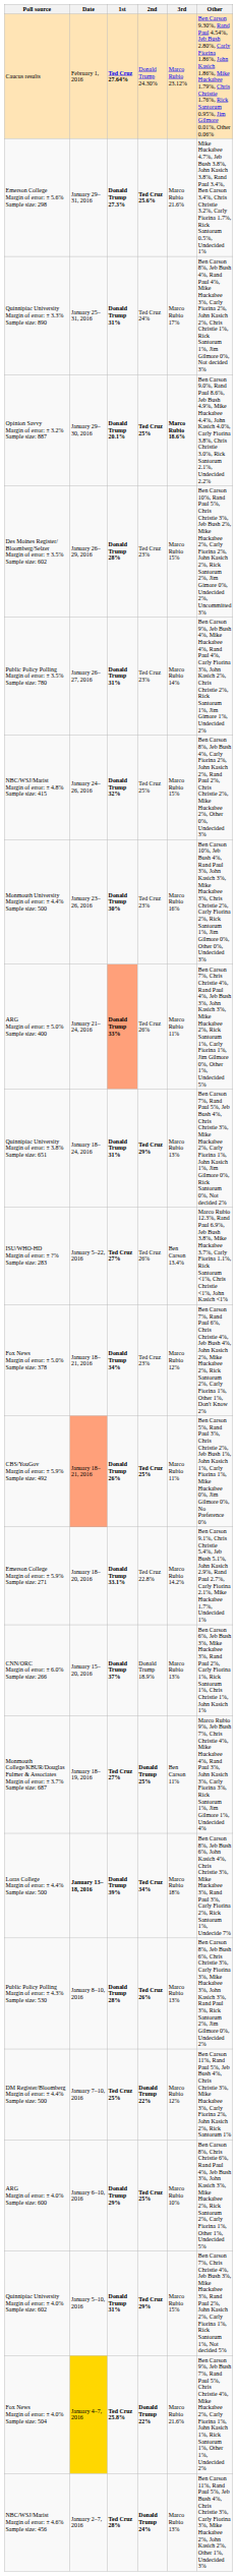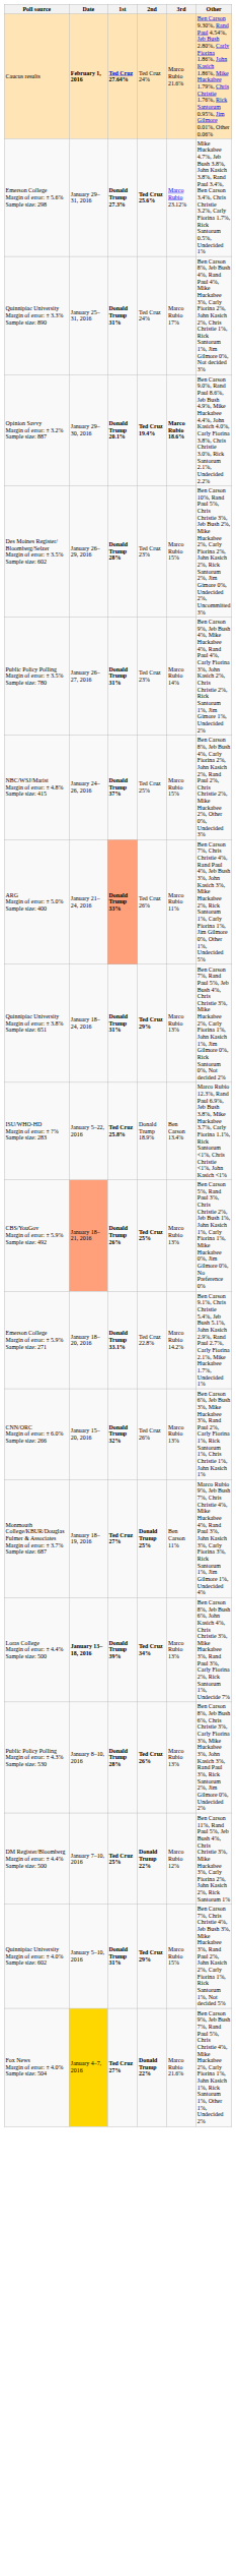 <table class="wikitable">
 <tr>
 <th style="width:180px;">Poll source</th>
 <th style="width:135px;">Date</th>
 <th style="width:100px;">1st</th>
 <th style="width:100px;">2nd</th>
 <th style="width:100px;">3rd</th>
 <th>Other</th>
 </tr>
 <tr style="background:Moccasin;">
 <td>Caucus results</td>
-<td>February 1, 2016</td>
+<td><strong>February 1, 2016</strong></td>
 <td><strong><a href='#'>Ted Cruz</a><br>27.64%</strong></td>
-<td><a href='#'>Donald Trump</a><br>24.30%</td>
-<td><a href='#'>Marco Rubio</a><br>23.12%</td>
+<td>Ted Cruz<br>24%</td>
+<td>Marco Rubio<br>21.6%</td>
 <td><a href='#'>Ben Carson</a> 9.30%, <a href='#'>Rand Paul</a> 4.54%, <a href='#'>Jeb Bush</a> 2.80%, <a href='#'>Carly Fiorina</a> 1.86%, <a href='#'>John Kasich</a> 1.86%, <a href='#'>Mike Huckabee</a> 1.79%, <a href='#'>Chris Christie</a> 1.76%, <a href='#'>Rick Santorum</a> 0.95%, <a href='#'>Jim Gilmore</a> 0.01%, Other 0.06%</td>
 </tr>
 <tr>
 <td>Emerson College<br>Margin of error: ± 5.6% <br>Sample size: 298</td>
 <td>January 29–31, 2016</td>
 <td><strong>Donald Trump<br>27.3%</strong></td>
 <td><strong>Ted Cruz<br>25.6%</strong></td>
-<td>Marco Rubio<br>21.6%</td>
+<td><a href='#'>Marco Rubio</a><br>23.12%</td>
 <td>Mike Huckabee 4.7%, Jeb Bush 3.8%, John Kasich 3.8%, Rand Paul 3.4%, Ben Carson 3.4%, Chris Christie 3.2%, Carly Fiorina 1.7%, Rick Santorum 0.5%, Undecided 1%</td>
 </tr>
 <tr>
 <td>Quinnipiac University<br>Margin of error: ± 3.3% Sample size: 890</td>
 <td>January 25–31, 2016</td>
 <td><strong>Donald Trump<br>31%</strong></td>
 <td>Ted Cruz<br>24%</td>
 <td>Marco Rubio<br>17%</td>
 <td>Ben Carson 8%, Jeb Bush 4%, Rand Paul 4%, Mike Huckabee 3%, Carly Fiorina 2%, John Kasich 2%, Chris Christie 1%, Rick Santorum 1%, Jim Gilmore 0%, Not decided 3%</td>
 </tr>
 <tr>
 <td>Opinion Savvy<br>Margin of error: ± 3.2% <br>Sample size: 887</td>
 <td>January 29–30, 2016</td>
 <td><strong>Donald Trump<br>20.1%</strong></td>
-<td><strong>Ted Cruz<br>25%</strong></td>
+<td><strong>Ted Cruz<br>19.4%</strong></td>
 <td><strong>Marco Rubio<br>18.6%</strong></td>
 <td>Ben Carson 9.0%, Rand Paul 8.6%, Jeb Bush 4.9%, Mike Huckabee 4.4%, John Kasich 4.0%, Carly Fiorina 3.8%, Chris Christie 3.0%, Rick Santorum 2.1%, Undecided 2.2%</td>
 </tr>
 <tr>
 <td>Des Moines Register/<br>Bloomberg/Selzer<br>Margin of error: ± 3.5% Sample size: 602</td>
 <td>January 26–29, 2016</td>
 <td><strong>Donald Trump<br>28%</strong></td>
 <td>Ted Cruz<br>23%</td>
 <td>Marco Rubio<br>15%</td>
 <td>Ben Carson 10%, Rand Paul 5%, Chris Christie 3%, Jeb Bush 2%, Mike Huckabee 2%,  Carly Fiorina 2%, John Kasich 2%, Rick Santorum 2%, Jim Gimore 0%, Undecided 2%, Uncommitted 3%</td>
 </tr>
 <tr>
 <td>Public Policy Polling<br>Margin of error: ± 3.5% Sample size: 780</td>
 <td>January 26–27, 2016</td>
 <td><strong>Donald Trump<br>31%</strong></td>
 <td>Ted Cruz<br>23%</td>
 <td>Marco Rubio<br>14%</td>
 <td>Ben Carson 9%, Jeb Bush 4%, Mike Huckabee 4%, Rand Paul 4%, Carly Fiorina 3%, John Kasich 2%, Chris Christie 2%, Rick Santorum 1%, Jim Gimore 1%, Undecided 2%</td>
 </tr>
 <tr>
 <td>NBC/WSJ/Marist<br>Margin of error: ± 4.8% Sample size: 415</td>
 <td>January 24–26, 2016</td>
-<td><strong>Donald Trump<br>32%</strong></td>
+<td><strong>Donald Trump<br>37%</strong></td>
 <td>Ted Cruz<br>25%</td>
 <td>Marco Rubio<br>15%</td>
 <td>Ben Carson 8%, Jeb Bush 4%, Carly Fiorina 2%, John Kasich 2%, Rand Paul 2%, Chris Christie 2%, Mike Huckabee 2%, Other 0%, Undecided 3%</td>
-</tr>
-<tr>
-<td>Monmouth University<br>Margin of error: ± 4.4% <br>Sample size: 500</td>
-<td>January 23–26, 2016</td>
-<td><strong>Donald Trump<br>30%</strong></td>
-<td>Ted Cruz<br>23%</td>
-<td>Marco Rubio<br>16%</td>
-<td>Ben Carson 10%, Jeb Bush 4%, Rand Paul 3%, John Kasich 3%, Mike Huckabee 3%, Chris Christie 2%, Carly Fiorina 2%, Rick Santorum 1%, Jim Gilmore 0%, Other 0%, Undecided 3%</td>
 </tr>
 <tr>
 <td>ARG<br>Margin of error: ± 5.0% <br>Sample size: 400</td>
 <td>January 21–24, 2016</td>
 <td style="background: lightsalmon;"><strong>Donald Trump<br>33%</strong></td>
 <td>Ted Cruz<br>26%</td>
 <td>Marco Rubio<br>11%</td>
 <td>Ben Carson 7%, Chris Christie 4%, Rand Paul 4%, Jeb Bush 3%, John Kasich 3%, Mike Huckabee 2%, Rick Santorum 1%, Carly Fiorina 1%, Jim Gilmore 0%, Other 1%, Undecided 5%</td>
 </tr>
 <tr>
 <td>Quinnipiac University<br>Margin of error: ± 3.8% Sample size: 651</td>
 <td>January 18–24, 2016</td>
 <td><strong>Donald Trump<br>31%</strong></td>
 <td><strong>Ted Cruz<br>29%</strong></td>
 <td>Marco Rubio<br>13%</td>
 <td>Ben Carson 7%, Rand Paul 5%, Jeb Bush 4%, Chris Christie 3%, Mike Huckabee 2%, Carly Fiorina 1%, John Kasich 1%, Jim Gilmore 0%, Rick Santorum 0%, Not decided 2%</td>
 </tr>
 <tr>
 <td>ISU/WHO-HD<br>Margin of error: ± ?% <br>Sample size: 283</td>
 <td>January 5–22, 2016</td>
-<td><strong>Ted Cruz<br>27%</strong></td>
-<td>Ted Cruz<br>26%</td>
+<td><strong>Ted Cruz<br>25.8%</strong></td>
+<td>Donald Trump<br>18.9%</td>
 <td>Ben Carson<br>13.4%</td>
 <td>Marco Rubio 12.3%, Rand Paul 6.9%, Jeb Bush 3.8%, Mike Huckabee 3.7%, Carly Fiorina 1.1%, Rick Santorum <1%, Chris Christie <1%, John Kasich <1%</td>
-</tr>
-<tr>
-<td>Fox News<br>Margin of error: ± 5.0% <br>Sample size: 378</td>
-<td>January 18–21, 2016</td>
-<td><strong>Donald Trump<br>34%</strong></td>
-<td>Ted Cruz<br>23%</td>
-<td>Marco Rubio<br>12%</td>
-<td>Ben Carson 7%, Rand Paul 6%, Chris Christie 4%, Jeb Bush 4%, John Kasich 2%, Mike Huckabee 2%, Rick Santorum 2%, Carly Fiorina 1%, Other 1%, Don't Know 2%</td>
 </tr>
 <tr>
 <td>CBS/YouGov<br>Margin of error: ± 5.9% <br>Sample size: 492</td>
 <td style="background: lightsalmon;">January 18–21, 2016</td>
 <td><strong>Donald Trump<br>26%</strong></td>
 <td><strong>Ted Cruz<br>25%</strong></td>
-<td>Marco Rubio<br>11%</td>
+<td>Marco Rubio<br>13%</td>
 <td>Ben Carson 5%, Rand Paul 3%, Chris Christie 2%, Jeb Bush 1%, John Kasich 1%,  Carly Fiorina 1%, Mike Huckabee 0%, Jim Gilmore 0%, No Preference 0%</td>
 </tr>
 <tr>
 <td>Emerson College<br>Margin of error: ± 5.9% <br>Sample size: 271</td>
 <td>January 18–20, 2016</td>
 <td><strong>Donald Trump<br>33.1%</strong></td>
 <td>Ted Cruz<br>22.8%</td>
 <td>Marco Rubio<br>14.2%</td>
 <td>Ben Carson 9.1%, Chris Christie 5.4%, Jeb Bush 5.1%, John Kasich 2.9%, Rand Paul 2.7%, Carly Fiorina 2.1%, Mike Huckabee 1.7%, Undecided 1%</td>
 </tr>
 <tr>
 <td>CNN/ORC<br>Margin of error: ± 6.0% <br>Sample size: 266</td>
 <td>January 15–20, 2016</td>
-<td><strong>Donald Trump<br>37%</strong></td>
-<td>Donald Trump<br>18.9%</td>
+<td><strong>Donald Trump<br>32%</strong></td>
+<td>Ted Cruz<br>26%</td>
 <td>Marco Rubio<br>13%</td>
 <td>Ben Carson 6%, Jeb Bush 3%, Mike Huckabee 3%, Rand Paul 2%, Carly Fiorina 1%, Rick Santorum 1%, Chris Christie 1%, John Kasich 1%</td>
 </tr>
 <tr>
 <td>Monmouth College/KBUR/Douglas Fulmer & Associates<br>Margin of error: ± 3.7% <br>Sample size: 687</td>
 <td>January 18–19, 2016</td>
 <td><strong>Ted Cruz<br>27%</strong></td>
 <td><strong>Donald Trump<br>25%</strong></td>
 <td>Ben Carson<br>11%</td>
 <td>Marco Rubio 9%, Jeb Bush 7%, Chris Christie 4%, Mike Huckabee 4%, Rand Paul 3%, John Kasich 3%, Carly Fiorina 3%, Rick Santorum 1%, Jim Gilmore 1%, Undecided 4%</td>
 </tr>
 <tr>
 <td>Loras College<br>Margin of error: ± 4.4% <br>Sample size: 500</td>
 <td><strong>January 13–18, 2016</strong></td>
 <td><strong>Donald Trump<br>39%</strong></td>
 <td><strong>Ted Cruz<br>34%</strong></td>
-<td>Marco Rubio<br>18%</td>
+<td>Marco Rubio<br>13%</td>
 <td>Ben Carson 8%, Jeb Bush 6%, John Kasich 4%, Chris Christie 3%, Mike Huckabee 3%, Rand Paul 3%, Carly Fiorina 2%, Rick Santorum 1%, Undecide 7%</td>
 </tr>
 <tr>
 <td>Public Policy Polling<br>Margin of error: ± 4.3% <br>Sample size: 530</td>
 <td>January 8–10, 2016</td>
 <td><strong>Donald Trump<br>28%</strong></td>
 <td><strong>Ted Cruz<br>26%</strong></td>
 <td>Marco Rubio<br>13%</td>
 <td>Ben Carson 8%, Jeb Bush 6%, Chris Christie 3%, Carly Fiorina 3%, Mike Huckabee 3%, John Kasich 3%, Rand Paul 3%, Rick Santorum 2%, Jim Gilmore 0%, Undecided 2%</td>
 </tr>
 <tr>
 <td>DM Register/Bloomberg<br>Margin of error: ± 4.4% <br>Sample size: 500</td>
 <td>January 7–10, 2016</td>
 <td><strong>Ted Cruz<br>25%</strong></td>
 <td><strong>Donald Trump<br>22%</strong></td>
 <td>Marco Rubio<br>12%</td>
 <td>Ben Carson 11%, Rand Paul 5%, Jeb Bush 4%, Chris Christie 3%, Mike Huckabee 3%, Carly Fiorina 2%, John Kasich 2%, Rick Santorum 1%</td>
 </tr>
 <tr>
-<td>ARG<br>Margin of error: ± 4.0% Sample size: 600</td>
-<td>January 6–10, 2016</td>
-<td><strong>Donald Trump<br>29%</strong></td>
-<td><strong>Ted Cruz<br>25%</strong></td>
-<td>Marco Rubio<br>10%</td>
-<td>Ben Carson 8%, Chris Christie 6%, Rand Paul 4%, Jeb Bush 3%, John Kasich 3%, Mike Huckabee 2%, Rick Santorum 2%, Carly Fiorina 1%,  Other 1%, Undecided 5%</td>
-</tr>
-<tr>
 <td>Quinnipiac University<br>Margin of error: ± 4.0% Sample size: 602</td>
 <td>January 5–10, 2016</td>
 <td><strong>Donald Trump<br>31%</strong></td>
 <td><strong>Ted Cruz<br>29%</strong></td>
 <td>Marco Rubio<br>15%</td>
 <td>Ben Carson 7%, Chris Christie 4%, Jeb Bush 3%, Mike Huckabee 3%, Rand Paul 2%, John Kasich 2%, Carly Fiorina 1%,  Rick Santorum 1%, Not decided 5%</td>
 </tr>
 <tr>
 <td>Fox News<br>Margin of error: ± 4.0% Sample size: 504</td>
 <td style="background: gold;">January 4–7, 2016</td>
-<td><strong>Ted Cruz<br>25.8%</strong></td>
+<td><strong>Ted Cruz<br>27%</strong></td>
 <td><strong>Donald Trump<br>22%</strong></td>
 <td>Marco Rubio<br>21.6%</td>
 <td>Ben Carson 9%, Jeb Bush 7%, Rand Paul 5%, Chris Christie 4%, Mike Huckabee 2%, Carly Fiorina 1%, John Kasich 1%, Rick Santorum 1%, Other 1%,  Undecided 2%</td>
 </tr>
-<tr>
-<td>NBC/WSJ/Marist<br>Margin of error: ± 4.6% Sample size: 456</td>
-<td>January 2–7, 2016</td>
-<td><strong>Ted Cruz<br>28%</strong></td>
-<td><strong>Donald Trump<br>24%</strong></td>
-<td>Marco Rubio<br>13%</td>
-<td>Ben Carson 11%, Rand Paul 5%, Jeb Bush 4%, Chris Christie 3%, Carly Fiorina 3%, Mike Huckabee 2%, John Kasich 2%, Other 1%, Undecided 3%</td>
-</tr>
 </table>
